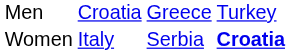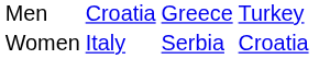 <table>
 <tr>
 <td>Men</td>
 <td> <a href='#'>Croatia</a></td>
 <td> <a href='#'>Greece</a></td>
 <td> <a href='#'>Turkey</a></td>
 </tr>
 <tr>
 <td>Women</td>
 <td> <a href='#'>Italy</a></td>
 <td> <a href='#'>Serbia</a></td>
-<td><strong> <a href='#'>Croatia</a></strong></td>
+<td> <a href='#'>Croatia</a></td>
 </tr>
 </table>
